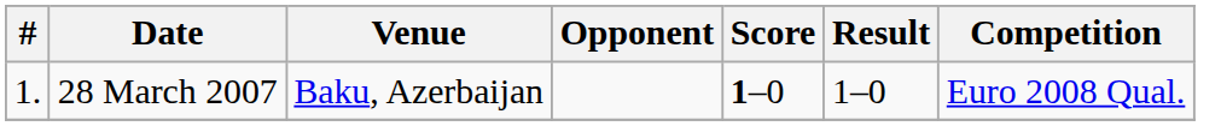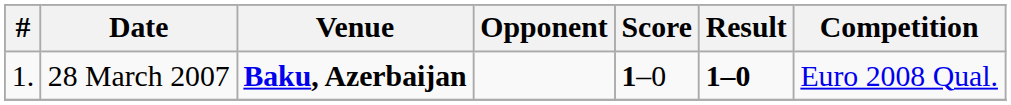 <table class="wikitable">
 <tr>
 <th>#</th>
 <th>Date</th>
 <th>Venue</th>
 <th>Opponent</th>
 <th>Score</th>
 <th>Result</th>
 <th>Competition</th>
 </tr>
 <tr>
 <td>1.</td>
 <td>28 March 2007</td>
-<td><a href='#'>Baku</a>, Azerbaijan</td>
+<td><strong><a href='#'>Baku</a>, Azerbaijan</strong></td>
 <td></td>
 <td><strong>1</strong>–0</td>
-<td>1–0</td>
+<td><strong>1–0</strong></td>
 <td><a href='#'>Euro 2008 Qual.</a></td>
 </tr>
 <tr>
 </tr>
 </table>
